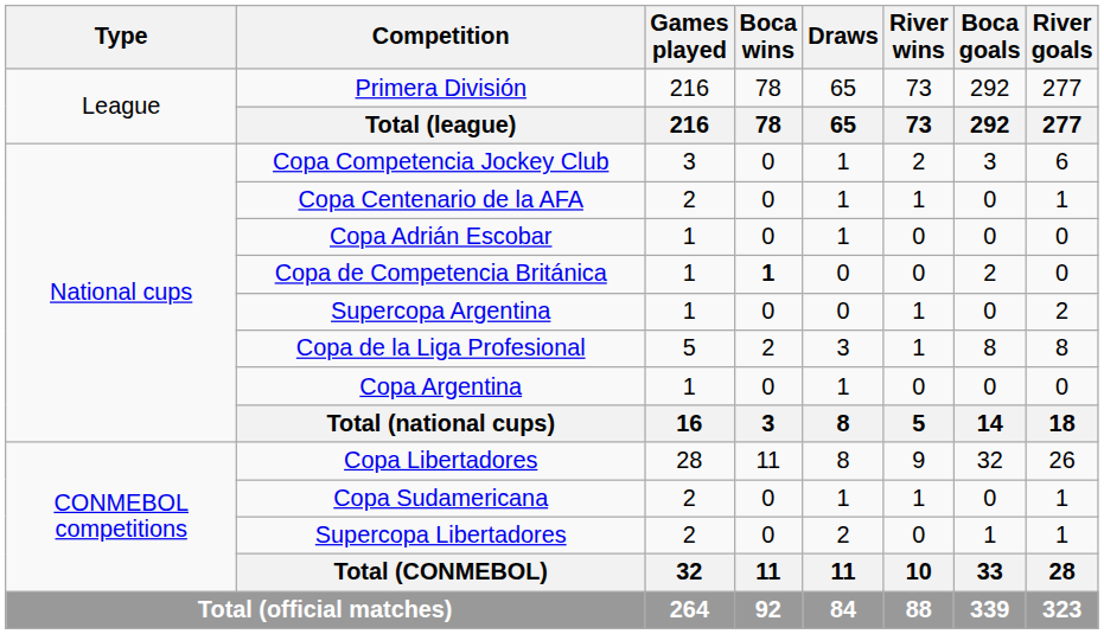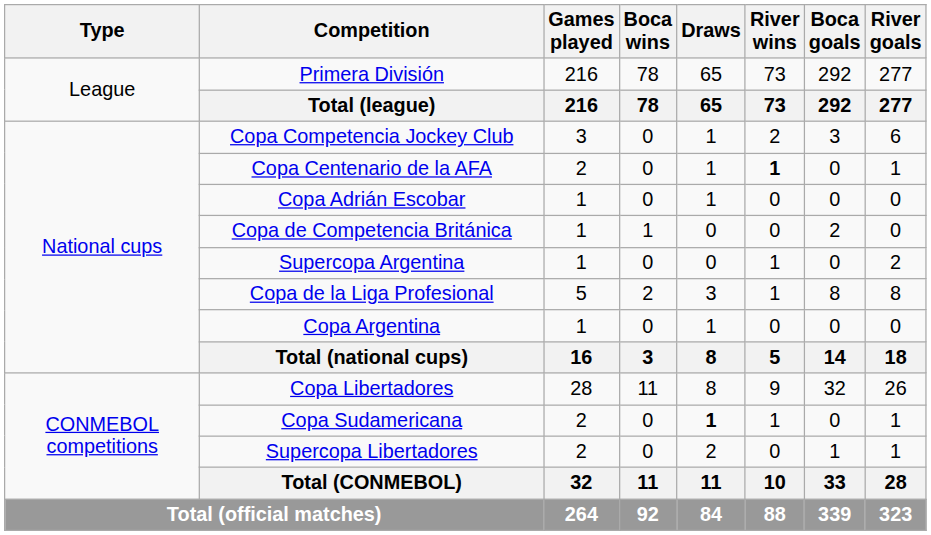 <table class="wikitable" style="text-align:center">
 <tr>
 <th width=150px>Type</th>
 <th width=270px>Competition</th>
 <th width= px>Games<br> played</th>
 <th width= px>Boca<br>wins</th>
 <th width= px>Draws</th>
 <th width= px>River<br>wins</th>
 <th width= px>Boca<br> goals</th>
 <th width= px>River<br> goals</th>
 </tr>
 <tr>
 <td rowspan=2>League</td>
 <td><a href='#'>Primera División</a></td>
 <td>216</td>
 <td>78</td>
 <td>65</td>
 <td>73</td>
 <td>292</td>
 <td>277</td>
 </tr>
 <tr>
 <th>Total (league)</th>
 <th>216</th>
 <th>78</th>
 <th>65</th>
 <th>73</th>
 <th>292</th>
 <th>277</th>
 </tr>
 <tr>
 <td rowspan="8"><a href='#'>National cups</a></td>
 <td><a href='#'>Copa Competencia Jockey Club</a></td>
 <td>3</td>
 <td>0</td>
 <td>1</td>
 <td>2</td>
 <td>3</td>
 <td>6</td>
 </tr>
 <tr>
 <td><a href='#'>Copa Centenario de la AFA</a></td>
 <td>2</td>
 <td>0</td>
 <td>1</td>
-<td>1</td>
+<td><strong>1</strong></td>
 <td>0</td>
 <td>1</td>
 </tr>
 <tr>
 <td><a href='#'>Copa Adrián Escobar</a></td>
 <td>1</td>
 <td>0</td>
 <td>1</td>
 <td>0</td>
 <td>0</td>
 <td>0</td>
 </tr>
 <tr>
 <td><a href='#'>Copa de Competencia Británica</a></td>
 <td>1</td>
-<td><strong>1</strong></td>
+<td>1</td>
 <td>0</td>
 <td>0</td>
 <td>2</td>
 <td>0</td>
 </tr>
 <tr>
 <td><a href='#'>Supercopa Argentina</a></td>
 <td>1</td>
 <td>0</td>
 <td>0</td>
 <td>1</td>
 <td>0</td>
 <td>2</td>
 </tr>
 <tr>
 <td><a href='#'>Copa de la Liga Profesional</a></td>
 <td>5</td>
 <td>2</td>
 <td>3</td>
 <td>1</td>
 <td>8</td>
 <td>8</td>
 </tr>
 <tr>
 <td><a href='#'>Copa Argentina</a></td>
 <td>1</td>
 <td>0</td>
 <td>1</td>
 <td>0</td>
 <td>0</td>
 <td>0</td>
 </tr>
 <tr>
 <th>Total (national cups)</th>
 <th>16</th>
 <th>3</th>
 <th>8</th>
 <th>5</th>
 <th>14</th>
 <th>18</th>
 </tr>
 <tr>
 <td rowspan="4"><a href='#'>CONMEBOL competitions</a></td>
 <td><a href='#'>Copa Libertadores</a></td>
 <td>28</td>
 <td>11</td>
 <td>8</td>
 <td>9</td>
 <td>32</td>
 <td>26</td>
 </tr>
 <tr>
 <td><a href='#'>Copa Sudamericana</a></td>
 <td>2</td>
 <td>0</td>
-<td>1</td>
+<td><strong>1</strong></td>
 <td>1</td>
 <td>0</td>
 <td>1</td>
 </tr>
 <tr>
 <td><a href='#'>Supercopa Libertadores</a></td>
 <td>2</td>
 <td>0</td>
 <td>2</td>
 <td>0</td>
 <td>1</td>
 <td>1</td>
 </tr>
 <tr>
 <th>Total (CONMEBOL)</th>
 <th>32</th>
 <th>11</th>
 <th>11</th>
 <th>10</th>
 <th>33</th>
 <th>28</th>
 </tr>
 <tr>
 <th colspan=2 style="background-color:#999999; color: #ffffff">Total (official matches)</th>
 <th style="background-color:#999999; color: #ffffff">264</th>
 <th style="background-color:#999999; color: #ffffff">92</th>
 <th style="background-color:#999999; color: #ffffff">84</th>
 <th style="background-color:#999999; color: #ffffff">88</th>
 <th style="background-color:#999999; color: #ffffff">339</th>
 <th style="background-color:#999999; color: #ffffff">323</th>
 </tr>
 </table>
